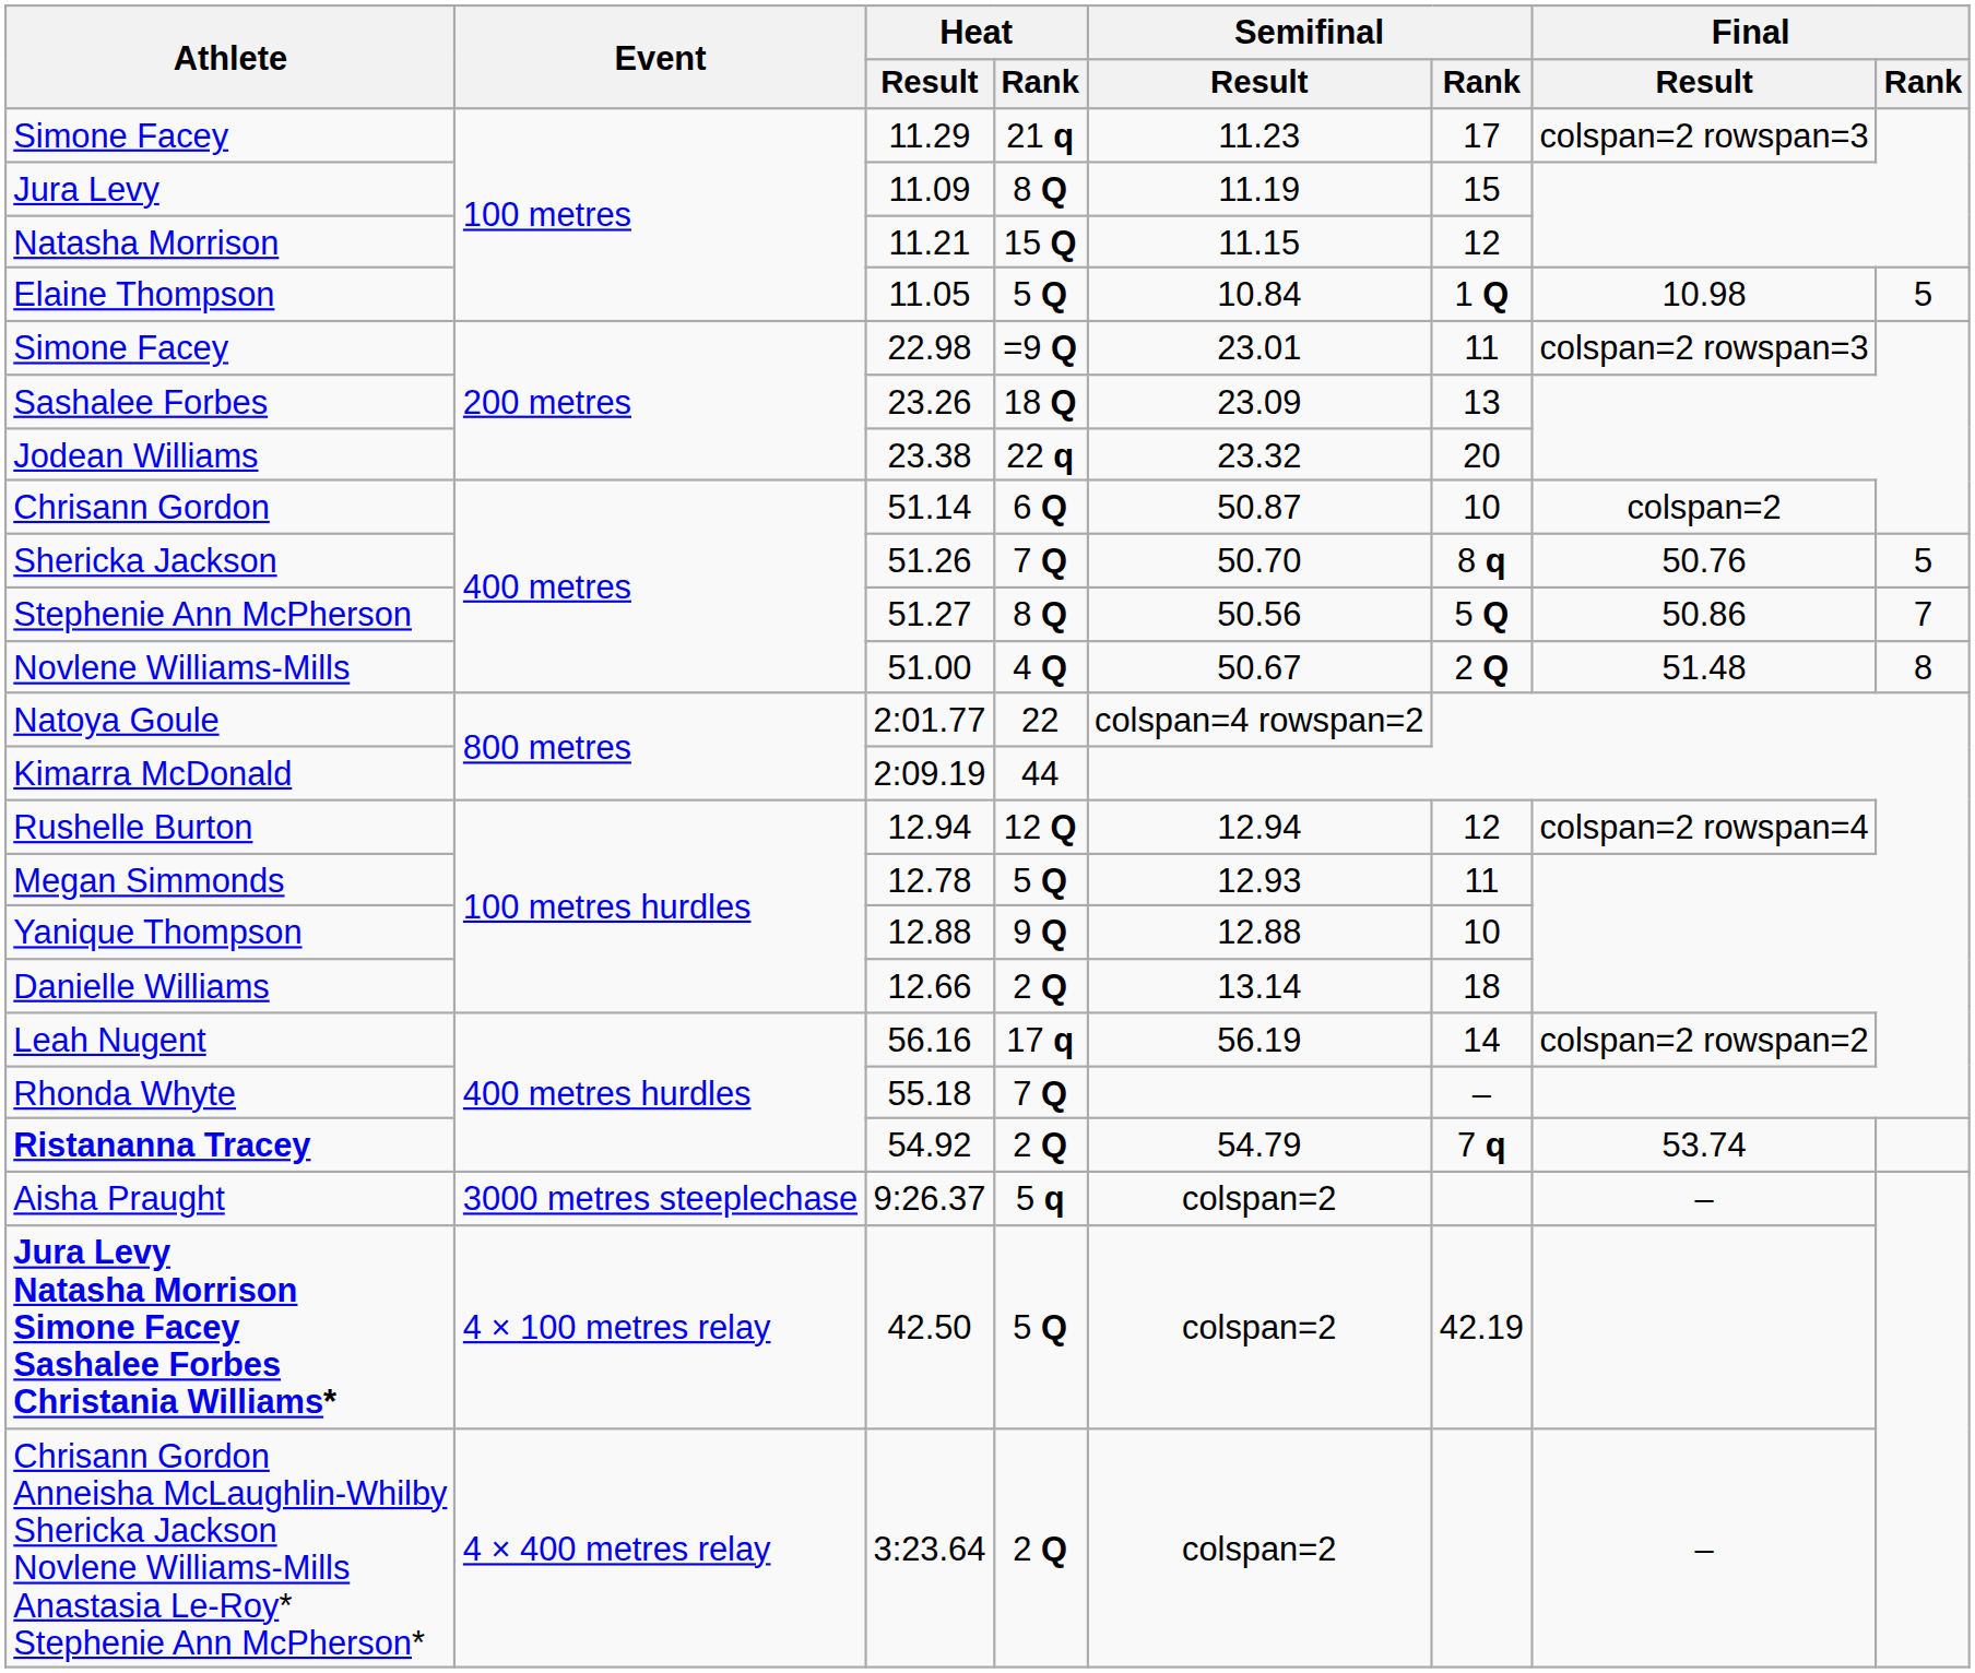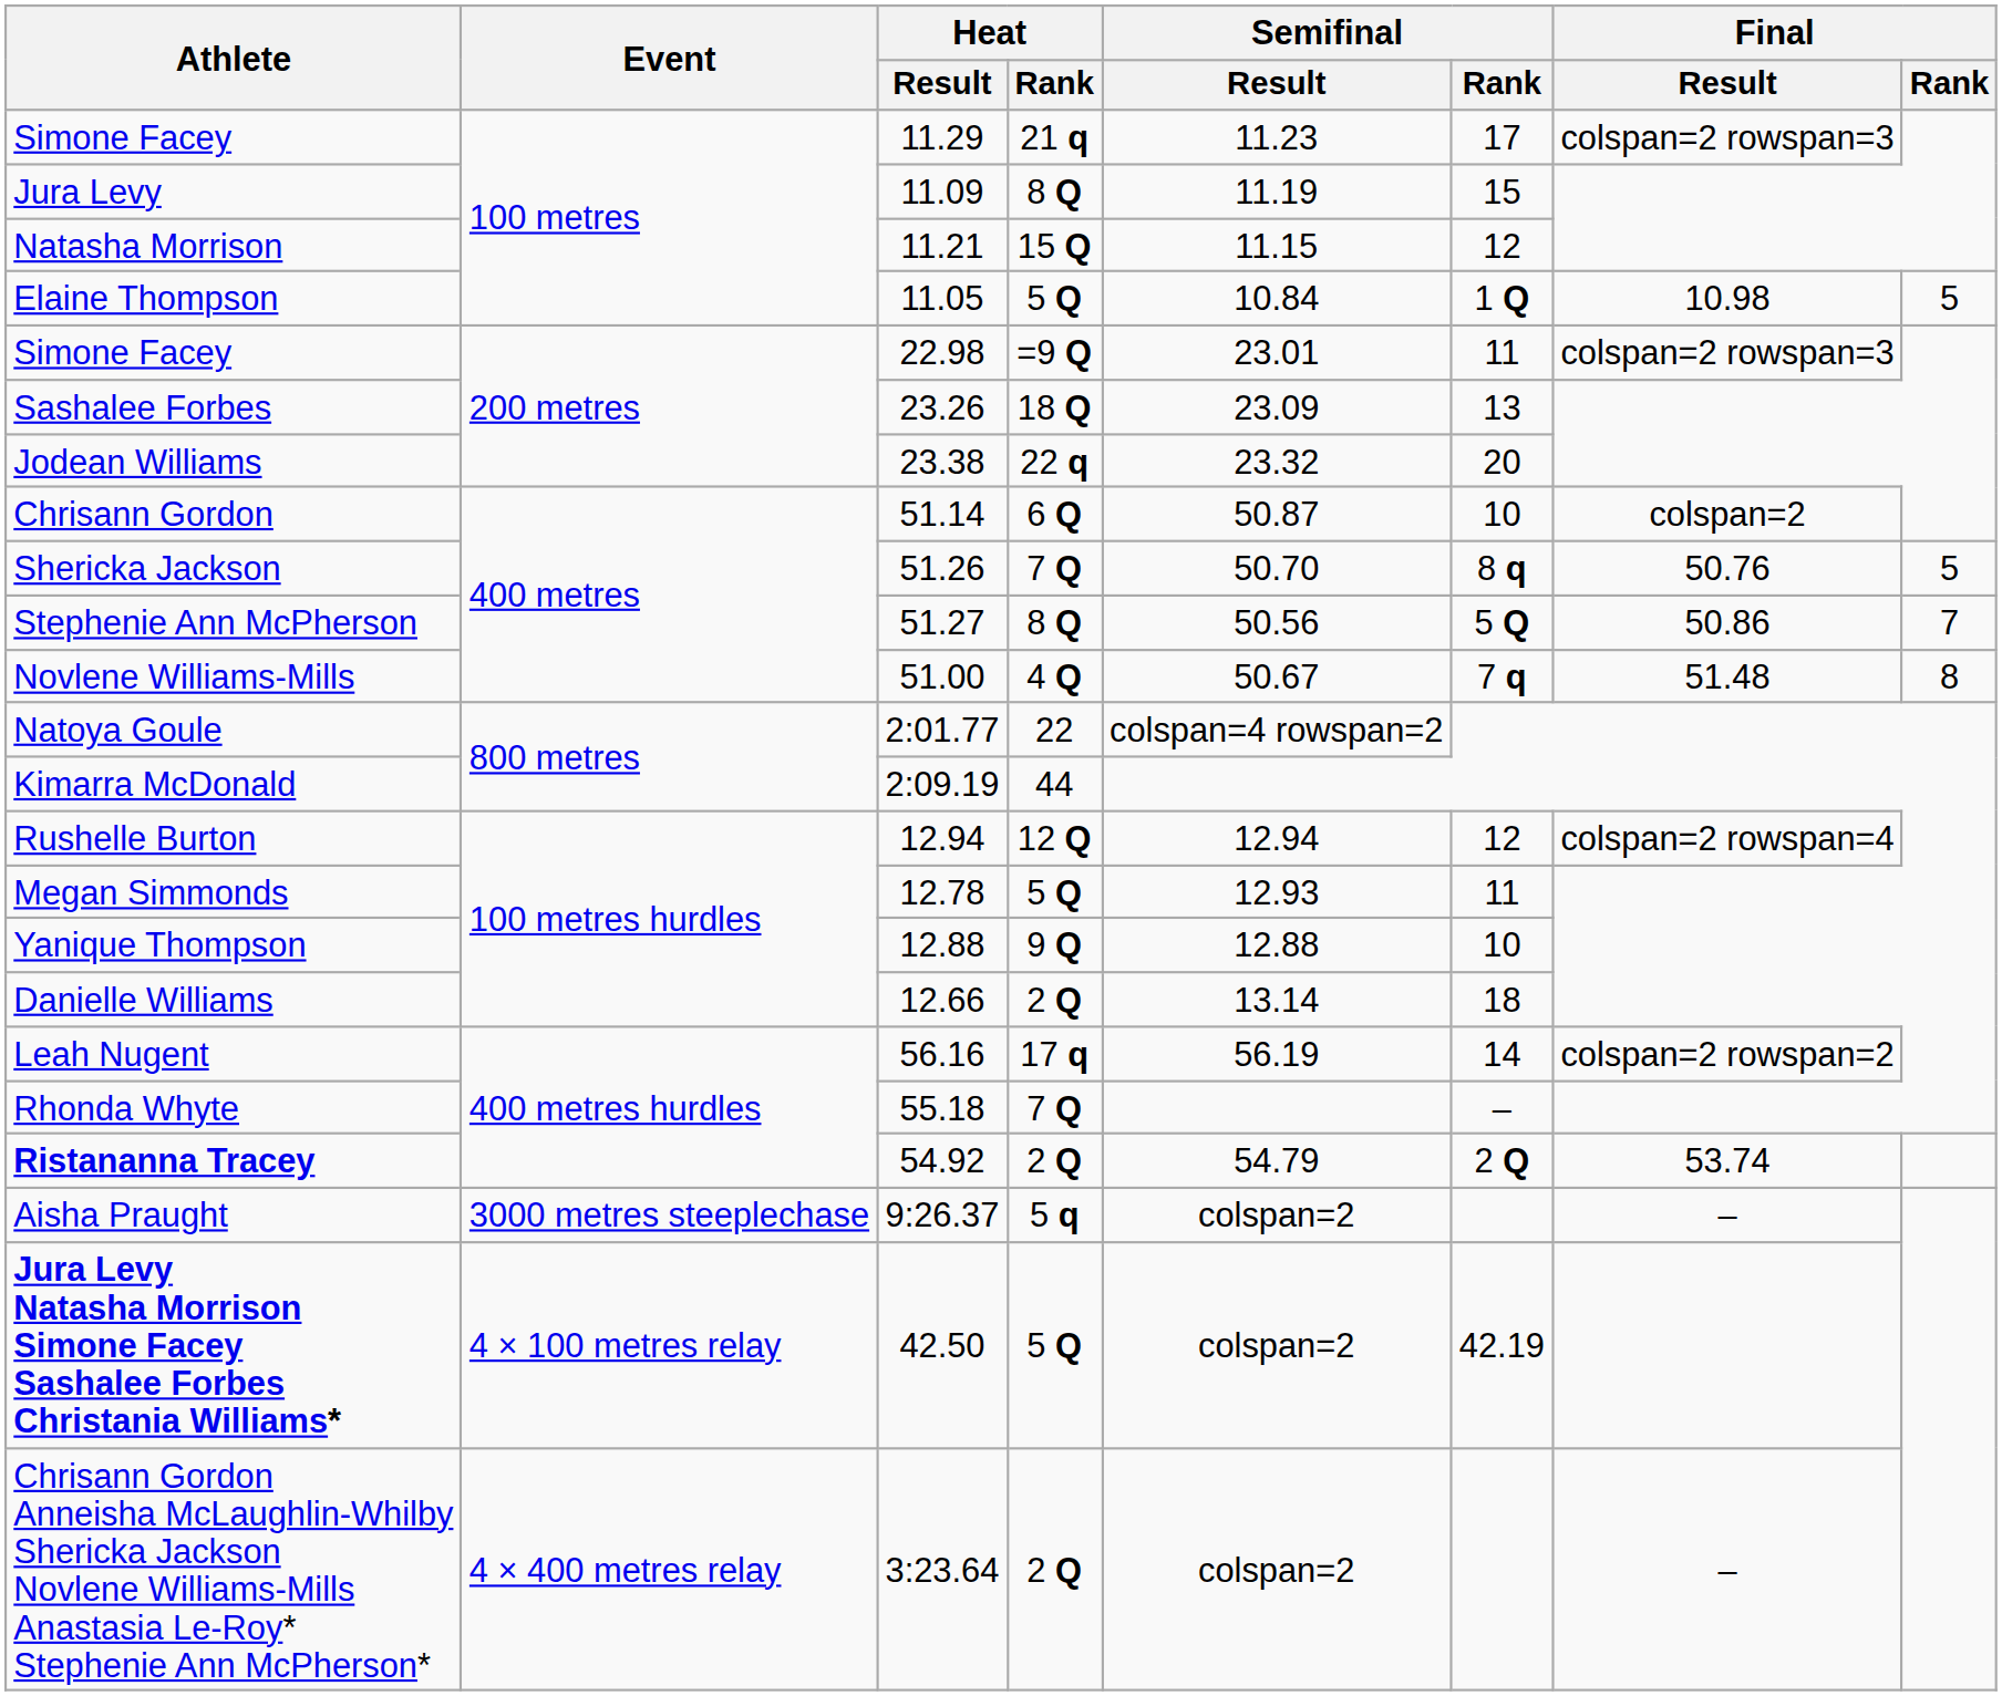 <table class=wikitable style=font-size:90%>
 <tr>
 <th rowspan=2>Athlete</th>
 <th rowspan=2>Event</th>
 <th colspan=2>Heat</th>
 <th colspan=2>Semifinal</th>
 <th colspan=2>Final</th>
 </tr>
 <tr style=font-size:95%>
 <th>Result</th>
 <th>Rank</th>
 <th>Result</th>
 <th>Rank</th>
 <th>Result</th>
 <th>Rank</th>
 </tr>
 <tr align=center>
 <td align=left><a href='#'>Simone Facey</a></td>
 <td align=left rowspan=4><a href='#'>100 metres</a></td>
 <td>11.29</td>
 <td>21 <strong>q</strong></td>
 <td>11.23</td>
 <td>17</td>
 <td>colspan=2 rowspan=3 </td>
 </tr>
 <tr align=center>
 <td align=left><a href='#'>Jura Levy</a></td>
 <td>11.09</td>
 <td>8 <strong>Q</strong></td>
 <td>11.19</td>
 <td>15</td>
 </tr>
 <tr align=center>
 <td align=left><a href='#'>Natasha Morrison</a></td>
 <td>11.21</td>
 <td>15 <strong>Q</strong></td>
 <td>11.15</td>
 <td>12</td>
 </tr>
 <tr align=center>
 <td align=left><a href='#'>Elaine Thompson</a></td>
 <td>11.05</td>
 <td>5 <strong>Q</strong></td>
 <td>10.84</td>
 <td>1 <strong>Q</strong></td>
 <td>10.98</td>
 <td>5</td>
 </tr>
 <tr align=center>
 <td align=left><a href='#'>Simone Facey</a></td>
 <td align=left rowspan=3><a href='#'>200 metres</a></td>
 <td>22.98</td>
 <td>=9 <strong>Q</strong></td>
 <td>23.01</td>
 <td>11</td>
 <td>colspan=2 rowspan=3 </td>
 </tr>
 <tr align=center>
 <td align=left><a href='#'>Sashalee Forbes</a></td>
 <td>23.26</td>
 <td>18 <strong>Q</strong></td>
 <td>23.09</td>
 <td>13</td>
 </tr>
 <tr align=center>
 <td align=left><a href='#'>Jodean Williams</a></td>
 <td>23.38</td>
 <td>22 <strong>q</strong></td>
 <td>23.32</td>
 <td>20</td>
 </tr>
 <tr align=center>
 <td align=left><a href='#'>Chrisann Gordon</a></td>
 <td align=left rowspan=4><a href='#'>400 metres</a></td>
 <td>51.14</td>
 <td>6 <strong>Q</strong></td>
 <td>50.87</td>
 <td>10</td>
 <td>colspan=2 </td>
 </tr>
 <tr align=center>
 <td align=left><a href='#'>Shericka Jackson</a></td>
 <td>51.26</td>
 <td>7 <strong>Q</strong></td>
 <td>50.70</td>
 <td>8 <strong>q</strong></td>
 <td>50.76</td>
 <td>5</td>
 </tr>
 <tr align=center>
 <td align=left><a href='#'>Stephenie Ann McPherson</a></td>
 <td>51.27</td>
 <td>8 <strong>Q</strong></td>
 <td>50.56 <strong></strong></td>
 <td>5 <strong>Q</strong></td>
 <td>50.86</td>
 <td>7</td>
 </tr>
 <tr align=center>
 <td align=left><a href='#'>Novlene Williams-Mills</a></td>
 <td>51.00</td>
 <td>4 <strong>Q</strong></td>
 <td>50.67</td>
-<td>2 <strong>Q</strong></td>
+<td>7 <strong>q</strong></td>
 <td>51.48</td>
 <td>8</td>
 </tr>
 <tr align=center>
 <td align=left><a href='#'>Natoya Goule</a></td>
 <td align=left rowspan=2><a href='#'>800 metres</a></td>
 <td>2:01.77</td>
 <td>22</td>
 <td>colspan=4 rowspan=2 </td>
 </tr>
 <tr align=center>
 <td align=left><a href='#'>Kimarra McDonald</a></td>
 <td>2:09.19</td>
 <td>44</td>
 </tr>
 <tr align=center>
 <td align=left><a href='#'>Rushelle Burton</a></td>
 <td align=left  rowspan=4><a href='#'>100 metres hurdles</a></td>
 <td>12.94</td>
 <td>12 <strong>Q</strong></td>
 <td>12.94</td>
 <td>12</td>
 <td>colspan=2 rowspan=4 </td>
 </tr>
 <tr align=center>
 <td align=left><a href='#'>Megan Simmonds</a></td>
 <td>12.78</td>
 <td>5 <strong>Q</strong></td>
 <td>12.93</td>
 <td>11</td>
 </tr>
 <tr align=center>
 <td align=left><a href='#'>Yanique Thompson</a></td>
 <td>12.88</td>
 <td>9 <strong>Q</strong></td>
 <td>12.88</td>
 <td>10</td>
 </tr>
 <tr align=center>
 <td align=left><a href='#'>Danielle Williams</a></td>
 <td>12.66</td>
 <td>2 <strong>Q</strong></td>
 <td>13.14</td>
 <td>18</td>
 </tr>
 <tr align=center>
 <td align=left><a href='#'>Leah Nugent</a></td>
 <td align=left  rowspan=3><a href='#'>400 metres hurdles</a></td>
 <td>56.16</td>
 <td>17 <strong>q</strong></td>
 <td>56.19</td>
 <td>14</td>
 <td>colspan=2 rowspan=2 </td>
 </tr>
 <tr align=center>
 <td align=left><a href='#'>Rhonda Whyte</a></td>
 <td>55.18</td>
 <td>7 <strong>Q</strong></td>
 <td></td>
 <td>–</td>
 </tr>
 <tr align=center>
 <td align=left><strong><a href='#'>Ristananna Tracey</a></strong></td>
 <td>54.92</td>
 <td>2 <strong>Q</strong></td>
 <td>54.79</td>
-<td>7 <strong>q</strong></td>
+<td>2 <strong>Q</strong></td>
 <td>53.74 <strong></strong></td>
 <td></td>
 </tr>
 <tr align=center>
 <td align=left><a href='#'>Aisha Praught</a></td>
 <td align=left><a href='#'>3000 metres steeplechase</a></td>
 <td>9:26.37</td>
 <td>5 <strong>q</strong></td>
 <td>colspan=2 </td>
 <td></td>
 <td>–</td>
 </tr>
 <tr align=center>
 <td align=left><strong><a href='#'>Jura Levy</a><br><a href='#'>Natasha Morrison</a><br><a href='#'>Simone Facey</a><br><a href='#'>Sashalee Forbes</a><br><a href='#'>Christania Williams</a>*</strong></td>
 <td align=left><a href='#'>4 × 100 metres relay</a></td>
 <td>42.50</td>
 <td>5 <strong>Q</strong></td>
 <td>colspan=2 </td>
 <td>42.19 <strong></strong></td>
 <td></td>
 </tr>
 <tr align=center>
 <td align=left><a href='#'>Chrisann Gordon</a><br><a href='#'>Anneisha McLaughlin-Whilby</a><br><a href='#'>Shericka Jackson</a><br><a href='#'>Novlene Williams-Mills</a><br><a href='#'>Anastasia Le-Roy</a>*<br><a href='#'>Stephenie Ann McPherson</a>*</td>
 <td align=left><a href='#'>4 × 400 metres relay</a></td>
 <td>3:23.64 <strong></strong></td>
 <td>2 <strong>Q</strong></td>
 <td>colspan=2 </td>
 <td></td>
 <td>–</td>
 </tr>
 </table>
